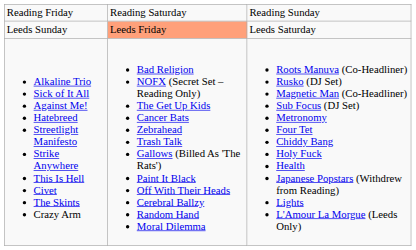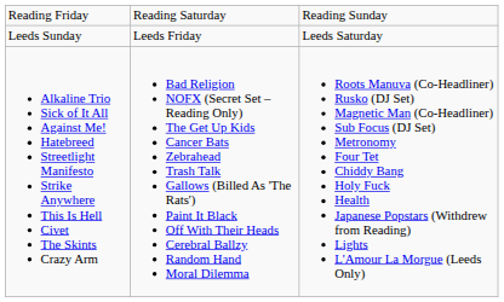 <table class="wikitable">
 <tr>
 <td>Reading Friday</td>
 <td>Reading Saturday</td>
 <td>Reading Sunday</td>
 </tr>
 <tr>
 <td>Leeds Sunday</td>
-<td style="background: lightsalmon;">Leeds Friday</td>
+<td>Leeds Friday</td>
 <td>Leeds Saturday</td>
 </tr>
 <tr>
 <td><br><ul><li><a href='#'>Alkaline Trio</a></li><li><a href='#'>Sick of It All</a></li><li><a href='#'>Against Me!</a></li><li><a href='#'>Hatebreed</a></li><li><a href='#'>Streetlight Manifesto</a></li><li><a href='#'>Strike Anywhere</a></li><li><a href='#'>This Is Hell</a></li><li><a href='#'>Civet</a></li><li><a href='#'>The Skints</a></li><li>Crazy Arm</li></ul></td>
 <td><br><ul><li><a href='#'>Bad Religion</a></li><li><a href='#'>NOFX</a> (Secret Set – Reading Only)</li><li><a href='#'>The Get Up Kids</a></li><li><a href='#'>Cancer Bats</a></li><li><a href='#'>Zebrahead</a></li><li><a href='#'>Trash Talk</a></li><li><a href='#'>Gallows</a> (Billed As 'The Rats')</li><li><a href='#'>Paint It Black</a></li><li><a href='#'>Off With Their Heads</a></li><li><a href='#'>Cerebral Ballzy</a></li><li><a href='#'>Random Hand</a></li><li><a href='#'>Moral Dilemma</a></li></ul></td>
 <td><br><ul><li><a href='#'>Roots Manuva</a> (Co-Headliner)</li><li><a href='#'>Rusko</a> (DJ Set)</li><li><a href='#'>Magnetic Man</a> (Co-Headliner)</li><li><a href='#'>Sub Focus</a> (DJ Set)</li><li><a href='#'>Metronomy</a></li><li><a href='#'>Four Tet</a></li><li><a href='#'>Chiddy Bang</a></li><li><a href='#'>Holy Fuck</a></li><li><a href='#'>Health</a></li><li><a href='#'>Japanese Popstars</a> (Withdrew from Reading)</li><li><a href='#'>Lights</a></li><li><a href='#'>L'Amour La Morgue</a> (Leeds Only)</li></ul></td>
 </tr>
 </table>
